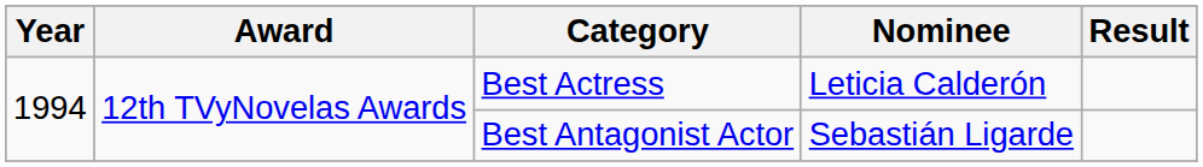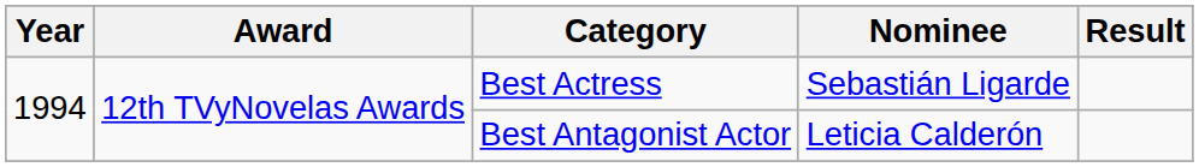 <table class="wikitable">
 <tr style="background:#b0c4de;">
 <th>Year</th>
 <th>Award</th>
 <th>Category</th>
 <th>Nominee</th>
 <th>Result</th>
 </tr>
 <tr>
 <td rowspan=2>1994</td>
 <td rowspan=2><a href='#'>12th TVyNovelas Awards</a></td>
 <td><a href='#'>Best Actress</a></td>
-<td><a href='#'>Leticia Calderón</a></td>
+<td><a href='#'>Sebastián Ligarde</a></td>
 <td></td>
 </tr>
 <tr>
 <td><a href='#'>Best Antagonist Actor</a></td>
-<td><a href='#'>Sebastián Ligarde</a></td>
+<td><a href='#'>Leticia Calderón</a></td>
 <td></td>
 </tr>
 </table>
